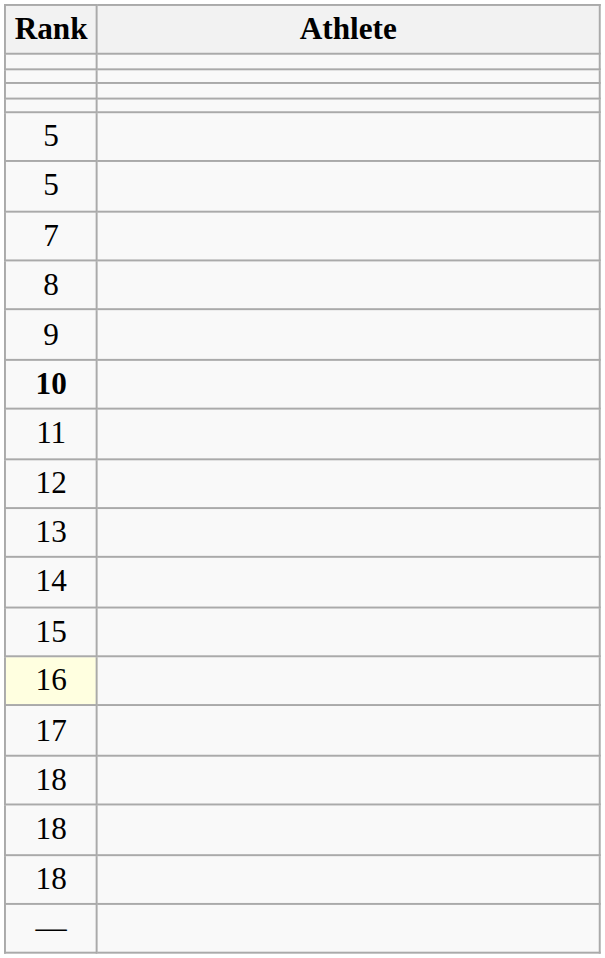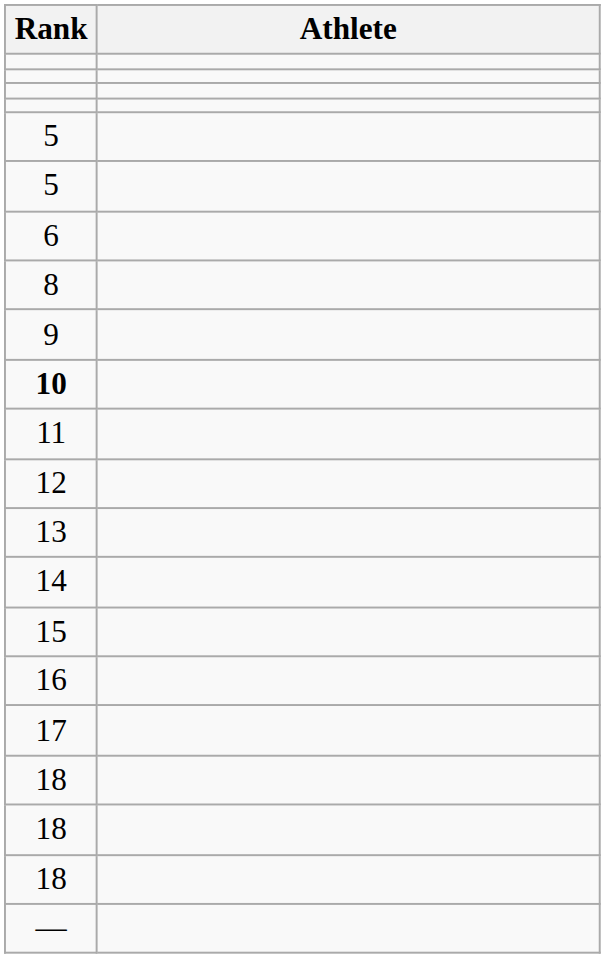 <table class="wikitable" style="text-align: center;">
 <tr>
 <th width=40>Rank</th>
 <th width=250>Athlete</th>
 </tr>
 <tr>
 <td></td>
 <td align=left></td>
 </tr>
 <tr>
 <td></td>
 <td align=left></td>
 </tr>
 <tr>
 <td></td>
 <td align=left></td>
 </tr>
 <tr>
 <td></td>
 <td align=left></td>
 </tr>
 <tr>
 <td>5</td>
 <td align=left></td>
 </tr>
 <tr>
 <td>5</td>
 <td align=left></td>
 </tr>
 <tr>
-<td>7</td>
+<td>6</td>
 <td align=left></td>
 </tr>
 <tr>
 <td>8</td>
 <td align=left></td>
 </tr>
 <tr>
 <td>9</td>
 <td align=left></td>
 </tr>
 <tr>
 <td><strong>10</strong></td>
 <td align=left></td>
 </tr>
 <tr>
 <td>11</td>
 <td align=left></td>
 </tr>
 <tr>
 <td>12</td>
 <td align=left></td>
 </tr>
 <tr>
 <td>13</td>
 <td align=left></td>
 </tr>
 <tr>
 <td>14</td>
 <td align=left></td>
 </tr>
 <tr>
 <td>15</td>
 <td align=left></td>
 </tr>
 <tr>
-<td style="background: lightyellow;">16</td>
+<td>16</td>
 <td align=left></td>
 </tr>
 <tr>
 <td>17</td>
 <td align=left></td>
 </tr>
 <tr>
 <td>18</td>
 <td align=left></td>
 </tr>
 <tr>
 <td>18</td>
 <td align=left></td>
 </tr>
 <tr>
 <td>18</td>
 <td align=left></td>
 </tr>
 <tr>
 <td>—</td>
 <td align=left></td>
 </tr>
 </table>
